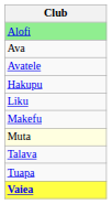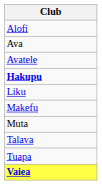 <table class="wikitable">
 <tr>
 <th width="140px">Club</th>
 </tr>
 <tr>
-<td style="background: lightgreen;"><a href='#'>Alofi</a></td>
+<td><a href='#'>Alofi</a></td>
 </tr>
 <tr>
 <td>Ava</td>
 </tr>
 <tr>
 <td><a href='#'>Avatele</a></td>
 </tr>
 <tr>
-<td><a href='#'>Hakupu</a></td>
+<td><strong><a href='#'>Hakupu</a></strong></td>
 </tr>
 <tr>
 <td><a href='#'>Liku</a></td>
 </tr>
 <tr>
 <td><a href='#'>Makefu</a></td>
 </tr>
 <tr>
-<td style="background: lightyellow;">Muta</td>
+<td>Muta</td>
 </tr>
 <tr>
 <td><a href='#'>Talava</a></td>
 </tr>
 <tr>
 <td><a href='#'>Tuapa</a></td>
 </tr>
 <tr>
 <td bgcolor=#ffff44><strong><a href='#'>Vaiea</a></strong></td>
 </tr>
 </table>
